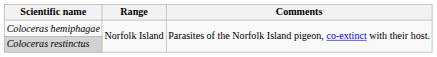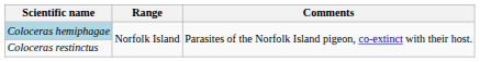 <table class="wikitable">
 <tr>
 <th>Scientific name</th>
 <th>Range</th>
 <th class="unsortable">Comments</th>
 </tr>
 <tr>
-<td><em>Coloceras hemiphagae</em></td>
+<td style="background: lightblue;"><em>Coloceras hemiphagae</em></td>
 <td rowspan="2">Norfolk Island</td>
 <td rowspan="2">Parasites of the Norfolk Island pigeon, <a href='#'>co-extinct</a> with their host.</td>
 </tr>
 <tr>
-<td style="background: lightgrey;"><em>Coloceras restinctus</em></td>
+<td><em>Coloceras restinctus</em></td>
 </tr>
 </table>
